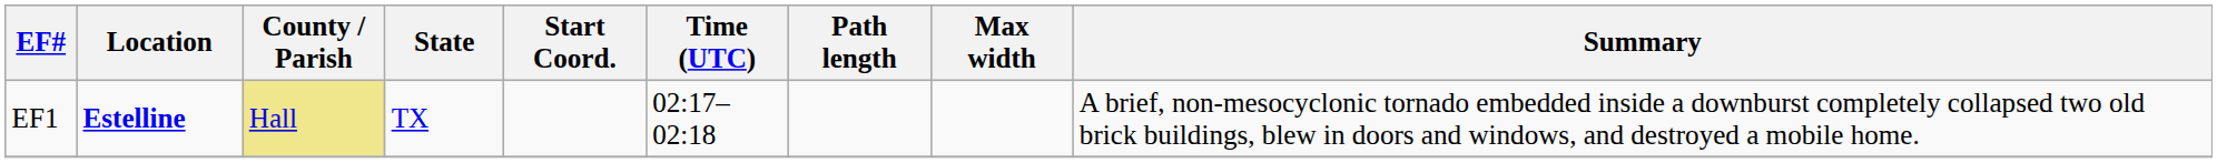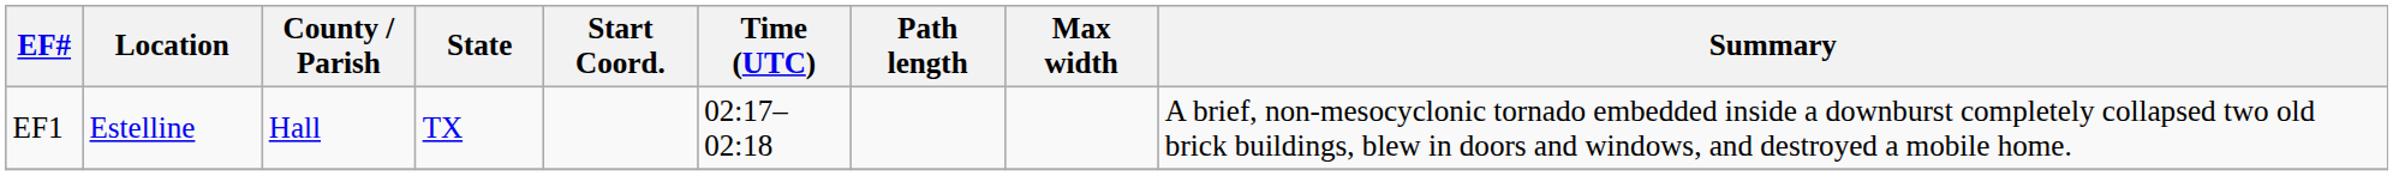 <table class="wikitable sortable" style="width:100%;">
 <tr>
 <th scope="col"  style="width:3%; text-align:center;"><a href='#'>EF#</a></th>
 <th scope="col"  style="width:7%; text-align:center;" class="unsortable">Location</th>
 <th scope="col"  style="width:6%; text-align:center;" class="unsortable">County / Parish</th>
 <th scope="col"  style="width:5%; text-align:center;">State</th>
 <th scope="col"  style="width:6%; text-align:center;">Start Coord.</th>
 <th scope="col"  style="width:6%; text-align:center;">Time (<a href='#'>UTC</a>)</th>
 <th scope="col"  style="width:6%; text-align:center;">Path length</th>
 <th scope="col"  style="width:6%; text-align:center;">Max width</th>
 <th scope="col" class="unsortable" style="width:48%; text-align:center;">Summary</th>
 </tr>
 <tr>
 <td>EF1</td>
-<td><strong><a href='#'>Estelline</a></strong></td>
-<td style="background: khaki;"><a href='#'>Hall</a></td>
+<td><a href='#'>Estelline</a></td>
+<td><a href='#'>Hall</a></td>
 <td><a href='#'>TX</a></td>
 <td></td>
 <td>02:17–02:18</td>
 <td></td>
 <td></td>
 <td>A brief, non-mesocyclonic tornado embedded inside a downburst completely collapsed two old brick buildings, blew in doors and windows, and destroyed a mobile home.</td>
 </tr>
 <tr>
 </tr>
 </table>
